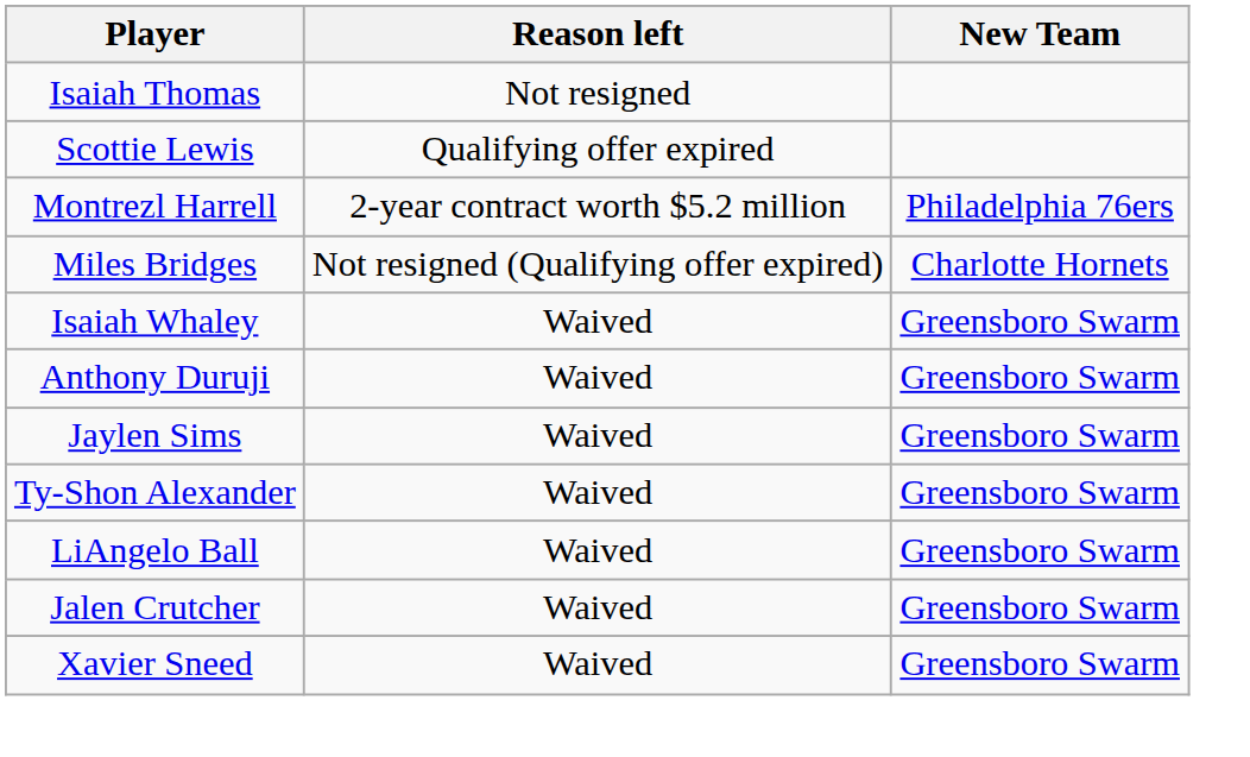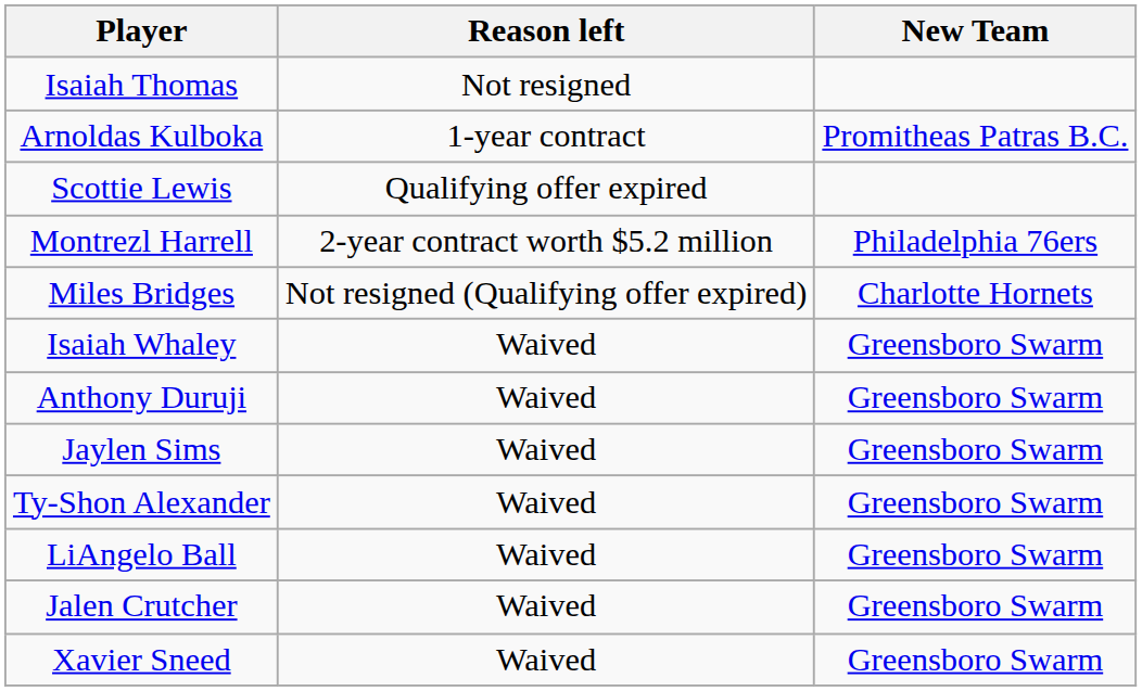 <table class="wikitable sortable sortable" style="text-align: center">
 <tr>
 <th>Player</th>
 <th>Reason left</th>
 <th>New Team</th>
 </tr>
 <tr style="text-align: center">
 <td><a href='#'>Isaiah Thomas</a></td>
 <td>Not resigned</td>
 <td></td>
+</tr>
+<tr style="text-align: center">
+<td><a href='#'>Arnoldas Kulboka</a></td>
+<td>1-year contract</td>
+<td> <a href='#'>Promitheas Patras B.C.</a></td>
 </tr>
 <tr style="text-align: center">
 <td><a href='#'>Scottie Lewis</a></td>
 <td>Qualifying offer expired</td>
 <td></td>
 </tr>
 <tr style="text-align: center">
 <td><a href='#'>Montrezl Harrell</a></td>
 <td>2-year contract worth $5.2 million</td>
 <td><a href='#'>Philadelphia 76ers</a></td>
 </tr>
 <tr style="text-align: center">
 <td><a href='#'>Miles Bridges</a></td>
 <td>Not resigned (Qualifying offer expired)</td>
 <td><a href='#'>Charlotte Hornets</a></td>
 </tr>
 <tr style="text-align: center">
 <td><a href='#'>Isaiah Whaley</a></td>
 <td>Waived</td>
 <td><a href='#'>Greensboro Swarm</a></td>
 </tr>
 <tr>
 <td><a href='#'>Anthony Duruji</a></td>
 <td>Waived</td>
 <td><a href='#'>Greensboro Swarm</a></td>
 </tr>
 <tr>
 <td><a href='#'>Jaylen Sims</a></td>
 <td>Waived</td>
 <td><a href='#'>Greensboro Swarm</a></td>
 </tr>
 <tr>
 <td><a href='#'>Ty-Shon Alexander</a></td>
 <td>Waived</td>
 <td><a href='#'>Greensboro Swarm</a></td>
 </tr>
 <tr>
 <td><a href='#'>LiAngelo Ball</a></td>
 <td>Waived</td>
 <td><a href='#'>Greensboro Swarm</a></td>
 </tr>
 <tr>
 <td><a href='#'>Jalen Crutcher</a></td>
 <td>Waived</td>
 <td><a href='#'>Greensboro Swarm</a></td>
 </tr>
 <tr>
 <td><a href='#'>Xavier Sneed</a></td>
 <td>Waived</td>
 <td><a href='#'>Greensboro Swarm</a></td>
 </tr>
 </table>
